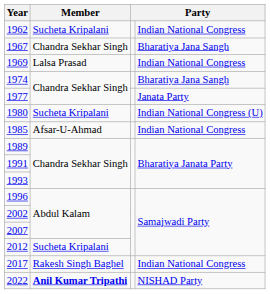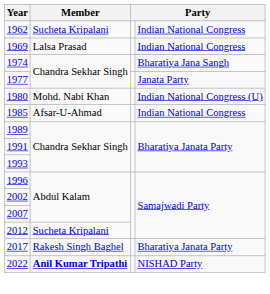 <table class="wikitable">
 <tr>
 <th>Year</th>
 <th>Member</th>
 <th colspan="2">Party</th>
 </tr>
 <tr>
 <td><a href='#'>1962</a></td>
 <td><a href='#'>Sucheta Kripalani</a></td>
 <td style="background-color: "></td>
 <td><a href='#'>Indian National Congress</a></td>
-</tr>
-<tr>
-<td><a href='#'>1967</a></td>
-<td>Chandra Sekhar Singh</td>
-<td style="background-color: "></td>
-<td><a href='#'>Bharatiya Jana Sangh</a></td>
 </tr>
 <tr>
 <td><a href='#'>1969</a></td>
 <td>Lalsa Prasad</td>
 <td style="background-color: "></td>
 <td><a href='#'>Indian National Congress</a></td>
 </tr>
 <tr>
 <td><a href='#'>1974</a></td>
 <td rowspan="2">Chandra Sekhar Singh</td>
 <td style="background-color: "></td>
 <td><a href='#'>Bharatiya Jana Sangh</a></td>
 </tr>
 <tr>
 <td><a href='#'>1977</a></td>
 <td style="background-color: "></td>
 <td><a href='#'>Janata Party</a></td>
 </tr>
 <tr>
 <td><a href='#'>1980</a></td>
-<td><a href='#'>Sucheta Kripalani</a></td>
+<td>Mohd. Nabi Khan</td>
 <td style="background-color: "></td>
 <td><a href='#'>Indian National Congress (U)</a></td>
 </tr>
 <tr>
 <td><a href='#'>1985</a></td>
 <td>Afsar-U-Ahmad</td>
 <td style="background-color: "></td>
 <td><a href='#'>Indian National Congress</a></td>
 </tr>
 <tr>
 <td><a href='#'>1989</a></td>
 <td rowspan="3">Chandra Sekhar Singh</td>
 <td rowspan="3" style="background-color: "></td>
 <td rowspan="3"><a href='#'>Bharatiya Janata Party</a></td>
 </tr>
 <tr>
 <td><a href='#'>1991</a></td>
 </tr>
 <tr>
 <td><a href='#'>1993</a></td>
 </tr>
 <tr>
 <td><a href='#'>1996</a></td>
 <td rowspan="3">Abdul Kalam</td>
 <td rowspan="4" style="background-color: "></td>
 <td rowspan="4"><a href='#'>Samajwadi Party</a></td>
 </tr>
 <tr>
 <td><a href='#'>2002</a></td>
 </tr>
 <tr>
 <td><a href='#'>2007</a></td>
 </tr>
 <tr>
 <td><a href='#'>2012</a></td>
 <td><a href='#'>Sucheta Kripalani</a></td>
 </tr>
 <tr>
 <td><a href='#'>2017</a></td>
 <td><a href='#'>Rakesh Singh Baghel</a></td>
 <td style="background-color: "></td>
-<td><a href='#'>Indian National Congress</a></td>
+<td><a href='#'>Bharatiya Janata Party</a></td>
 </tr>
 <tr>
 <td><a href='#'>2022</a></td>
 <td><strong><a href='#'>Anil Kumar Tripathi</a></strong></td>
 <td style="background-color: "></td>
 <td><a href='#'>NISHAD Party</a></td>
 </tr>
 </table>
